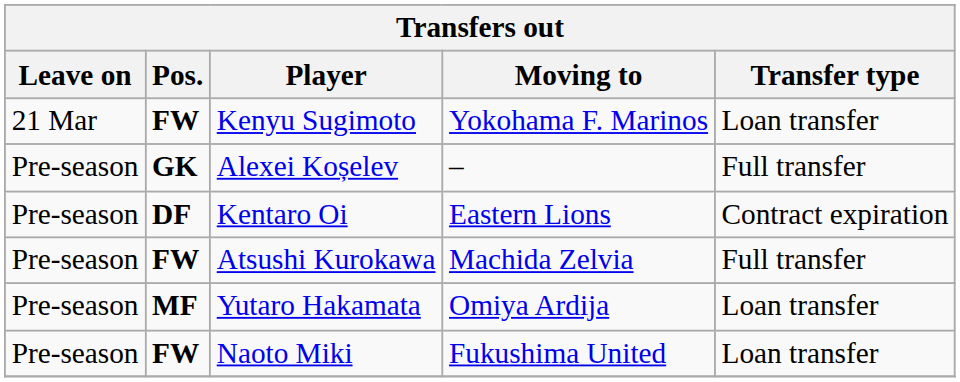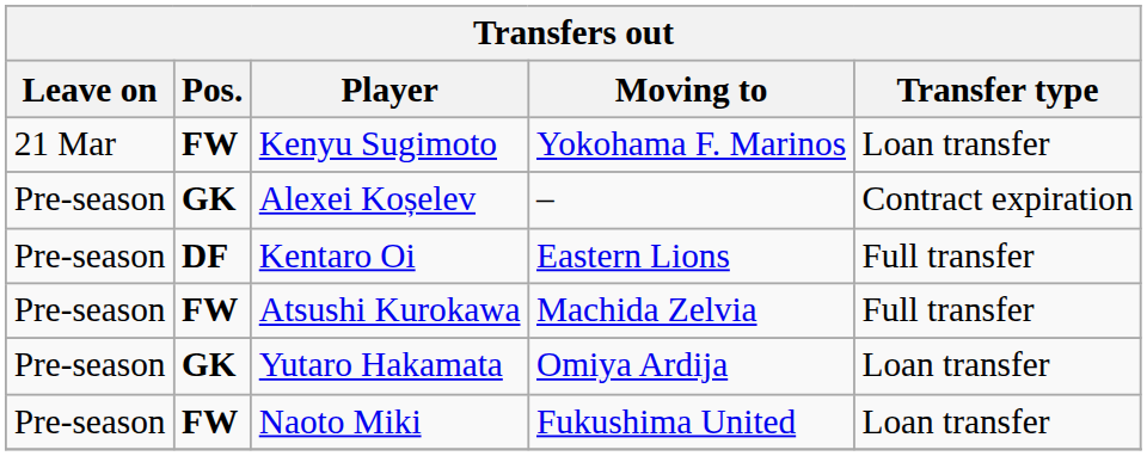 <table class="wikitable sortable" style=“text-align:left;>
 <tr>
 <th colspan="5">Transfers out</th>
 </tr>
 <tr>
 <th>Leave on</th>
 <th>Pos.</th>
 <th>Player</th>
 <th>Moving to</th>
 <th>Transfer type</th>
 </tr>
 <tr>
 <td>21 Mar</td>
 <td><strong>FW</strong></td>
 <td> <a href='#'>Kenyu Sugimoto</a></td>
 <td> <a href='#'>Yokohama F. Marinos</a></td>
 <td>Loan transfer</td>
 </tr>
 <tr>
 <td>Pre-season</td>
 <td><strong>GK</strong></td>
 <td> <a href='#'>Alexei Koșelev</a></td>
 <td>–</td>
-<td>Full transfer</td>
+<td>Contract expiration</td>
 </tr>
 <tr>
 <td>Pre-season</td>
 <td><strong>DF</strong></td>
 <td> <a href='#'>Kentaro Oi</a></td>
 <td> <a href='#'>Eastern Lions</a></td>
-<td>Contract expiration</td>
+<td>Full transfer</td>
 </tr>
 <tr>
 <td>Pre-season</td>
 <td><strong>FW</strong></td>
 <td> <a href='#'>Atsushi Kurokawa</a></td>
 <td> <a href='#'>Machida Zelvia</a></td>
 <td>Full transfer</td>
 </tr>
 <tr>
 <td>Pre-season</td>
-<td><strong>MF</strong></td>
+<td><strong>GK</strong></td>
 <td> <a href='#'>Yutaro Hakamata</a></td>
 <td> <a href='#'>Omiya Ardija</a></td>
 <td>Loan transfer</td>
 </tr>
 <tr>
 <td>Pre-season</td>
 <td><strong>FW</strong></td>
 <td> <a href='#'>Naoto Miki</a></td>
 <td> <a href='#'>Fukushima United</a></td>
 <td>Loan transfer</td>
 </tr>
 <tr>
 </tr>
 </table>
